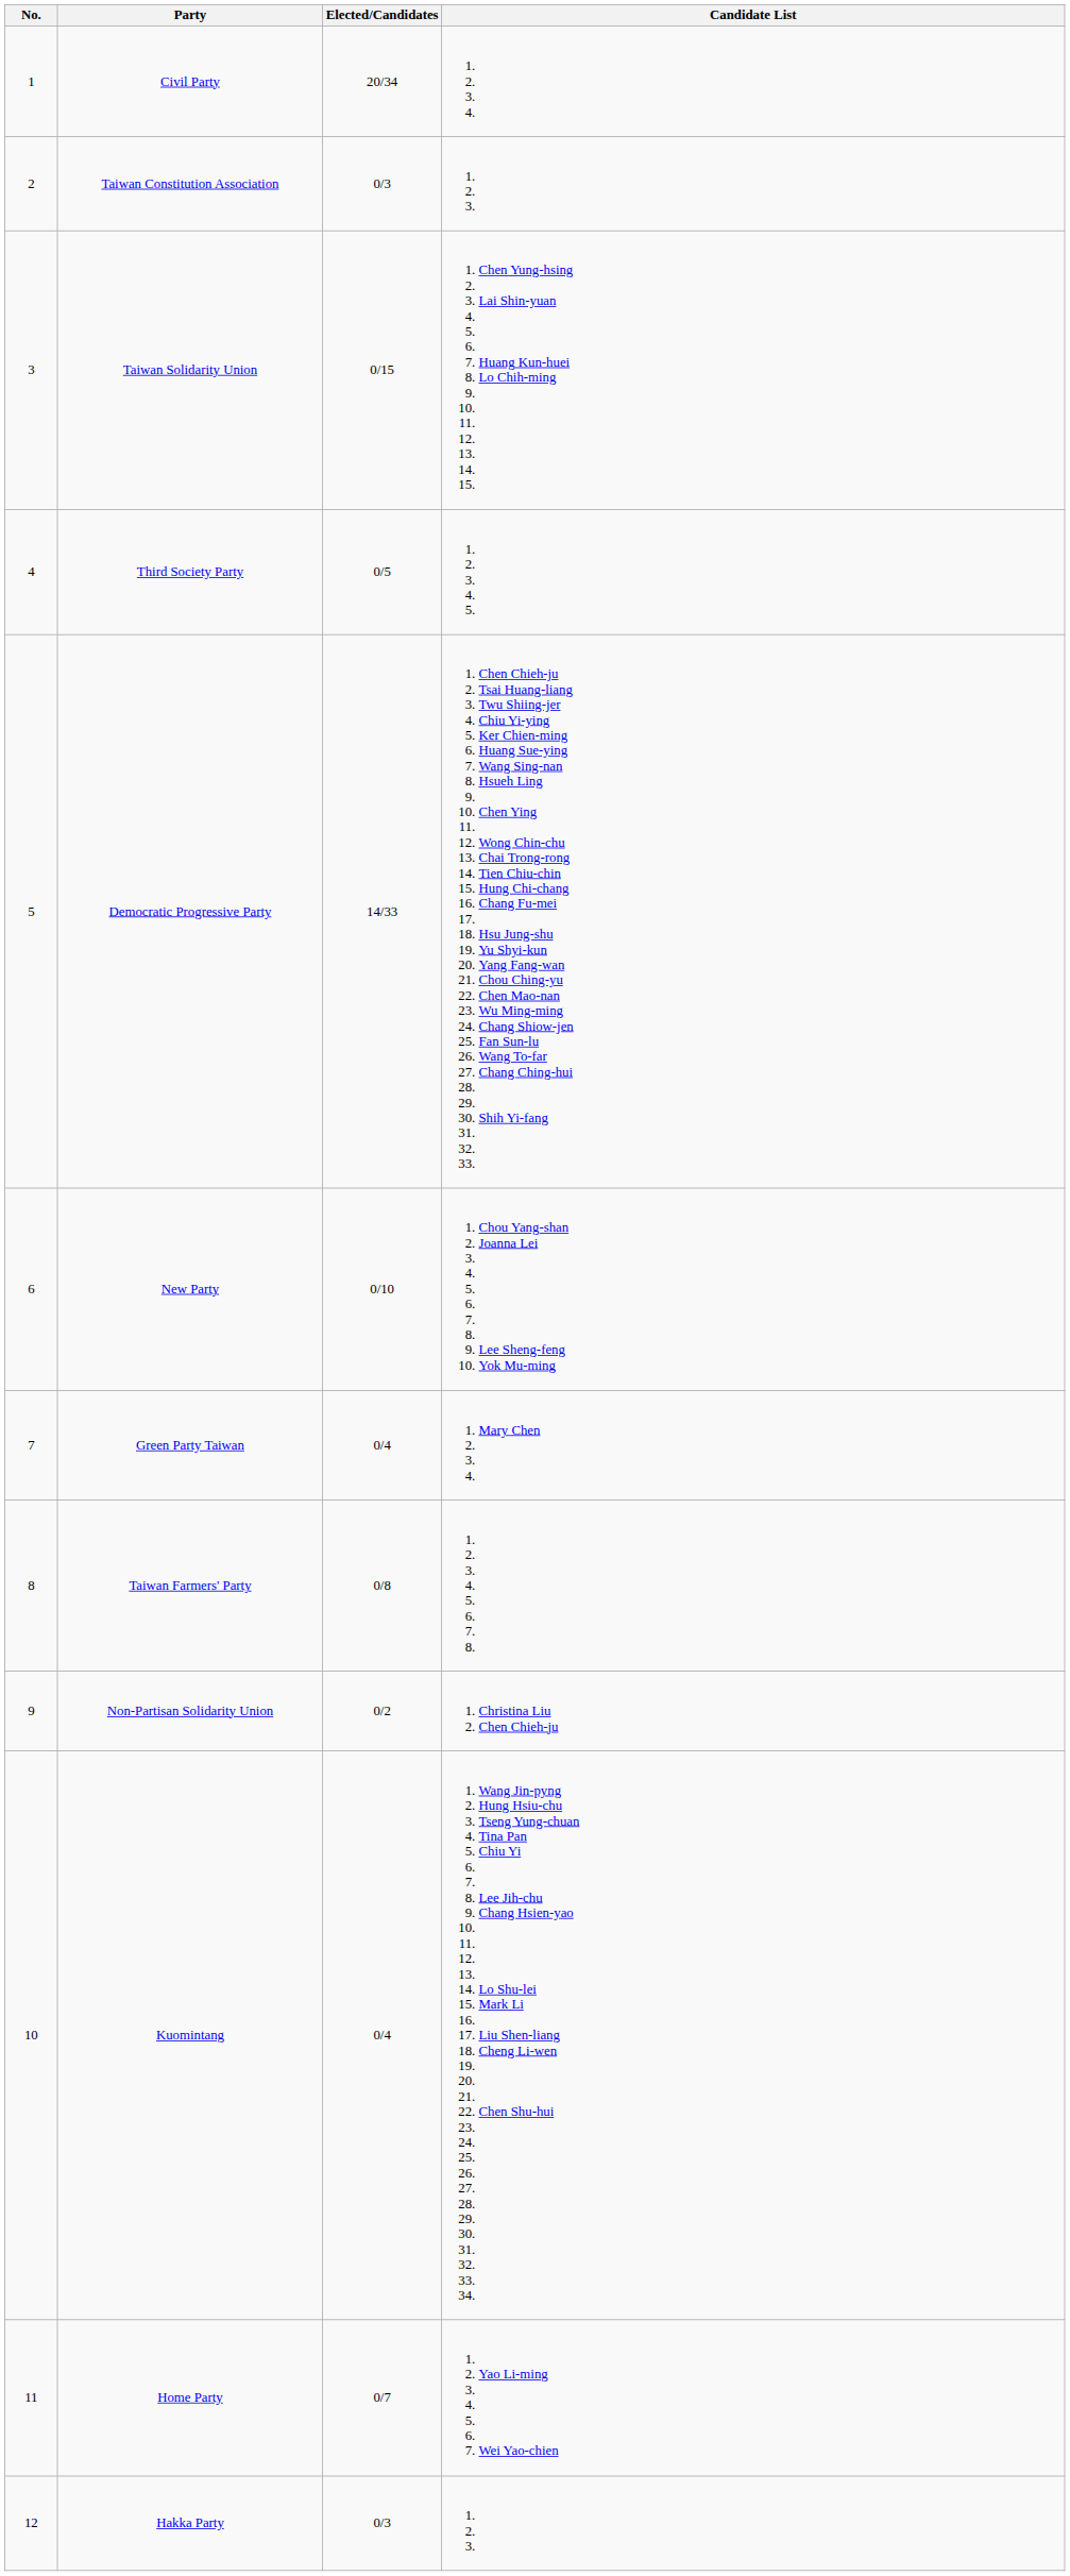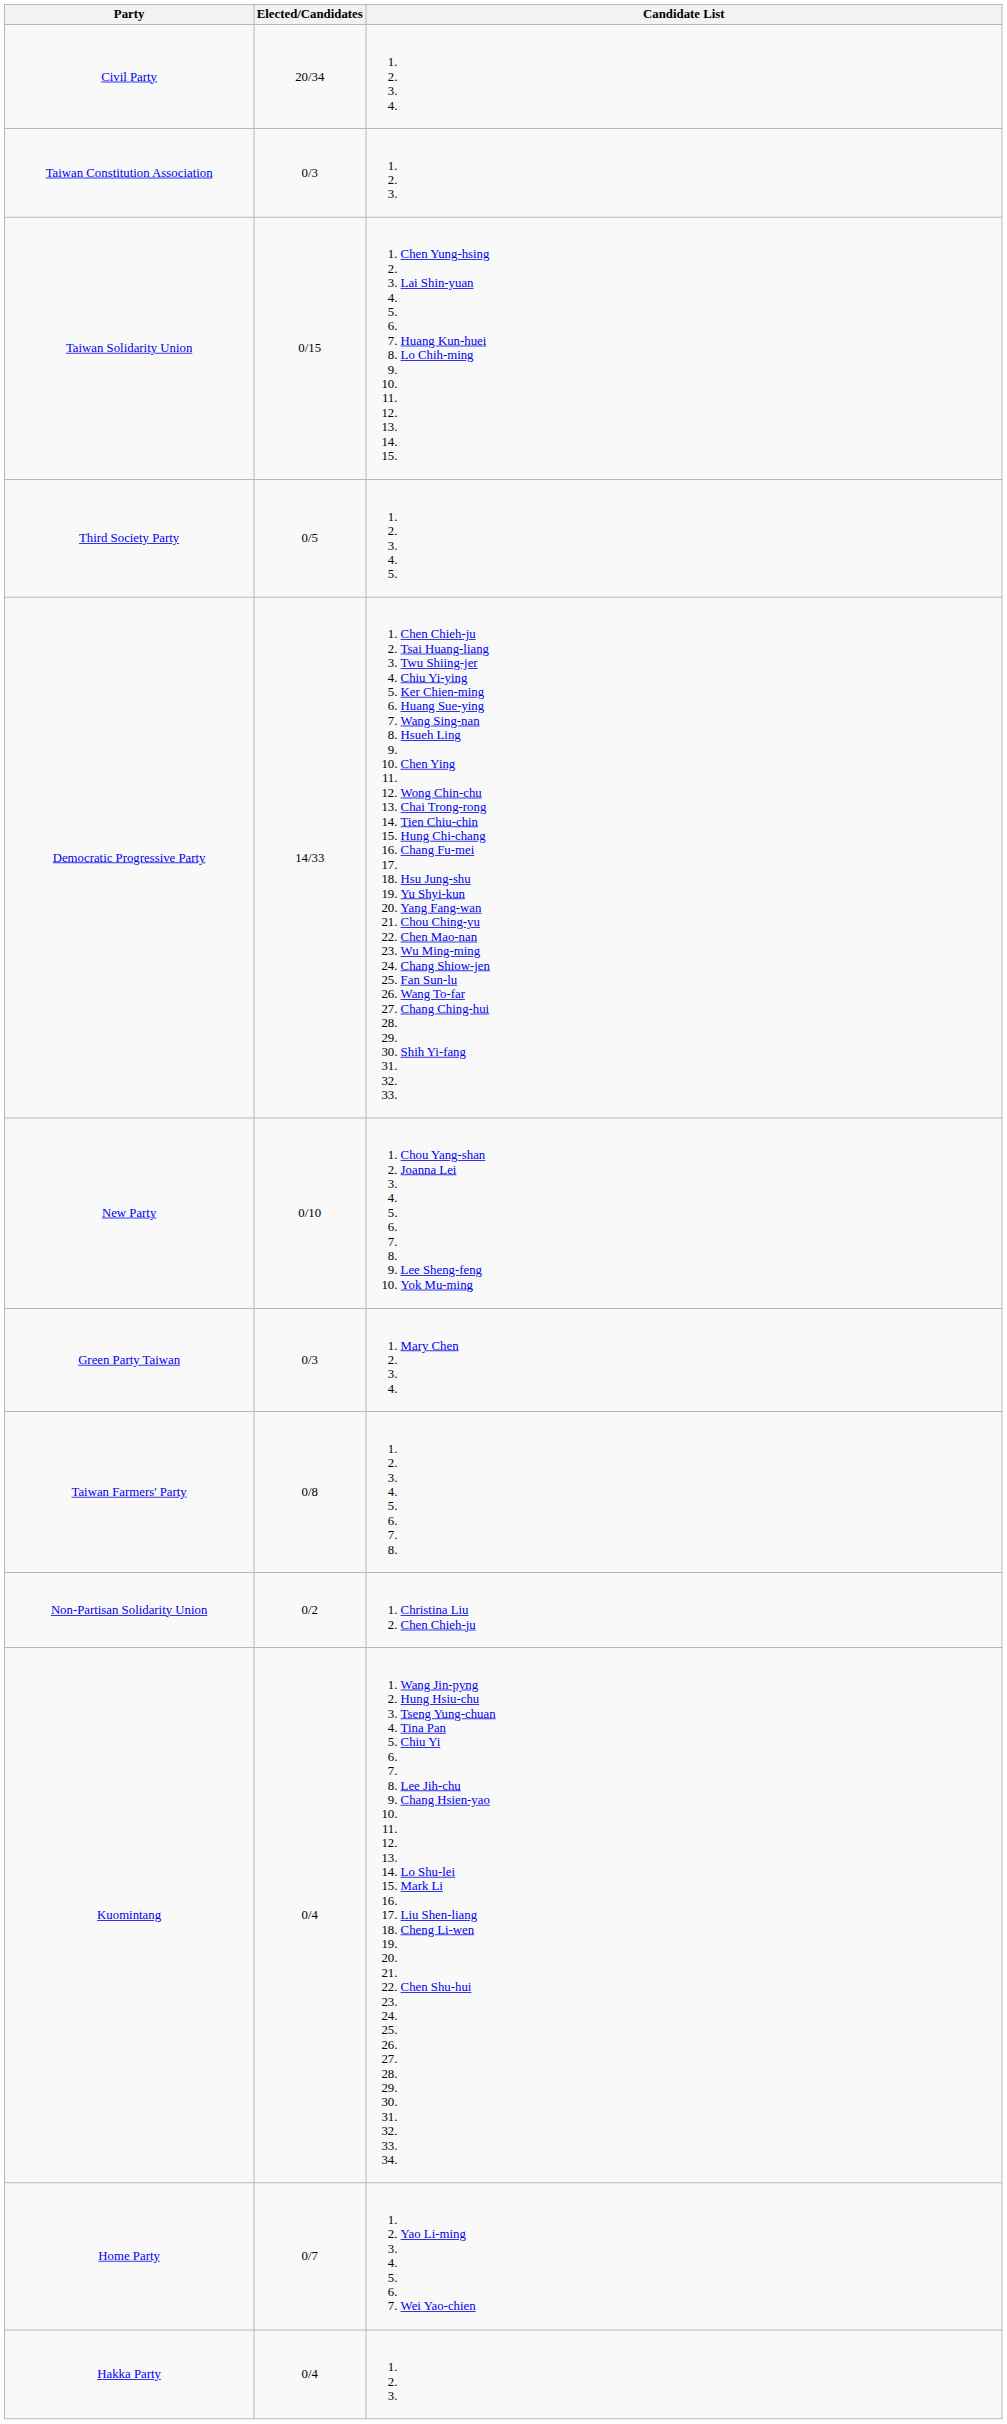 <table class=wikitable style="text-align:center">
 <tr>
-<th style="width:5%">No.</th>
 <th style="width:25%">Party</th>
 <th style="width:10%">Elected/Candidates</th>
 <th>Candidate List<br></th>
 </tr>
 <tr>
-<td>1</td>
 <td><a href='#'>Civil Party</a></td>
 <td>20/34</td>
 <td align=left><br><ol><li></li><li></li><li></li><li></li></ol></td>
 </tr>
 <tr>
-<td>2</td>
 <td><a href='#'>Taiwan Constitution Association</a></td>
 <td>0/3</td>
 <td align=left><br><ol><li></li><li></li><li></li></ol></td>
 </tr>
 <tr>
-<td>3</td>
 <td><a href='#'>Taiwan Solidarity Union</a></td>
 <td>0/15</td>
 <td align=left><br><ol><li><a href='#'>Chen Yung-hsing</a></li><li></li><li><a href='#'>Lai Shin-yuan</a></li><li></li><li></li><li></li><li><a href='#'>Huang Kun-huei</a></li><li><a href='#'>Lo Chih-ming</a></li><li></li><li></li><li></li><li></li><li></li><li></li><li></li></ol></td>
 </tr>
 <tr>
-<td>4</td>
 <td><a href='#'>Third Society Party</a></td>
 <td>0/5</td>
 <td align=left><br><ol><li></li><li></li><li></li><li></li><li></li></ol></td>
 </tr>
 <tr>
-<td>5</td>
 <td><a href='#'>Democratic Progressive Party</a></td>
 <td>14/33</td>
 <td align=left><br><ol><li><a href='#'>Chen Chieh-ju</a></li><li><a href='#'>Tsai Huang-liang</a></li><li><a href='#'>Twu Shiing-jer</a></li><li><a href='#'>Chiu Yi-ying</a></li><li><a href='#'>Ker Chien-ming</a></li><li><a href='#'>Huang Sue-ying</a></li><li><a href='#'>Wang Sing-nan</a></li><li><a href='#'>Hsueh Ling</a></li><li></li><li><a href='#'>Chen Ying</a></li><li></li><li><a href='#'>Wong Chin-chu</a></li><li><a href='#'>Chai Trong-rong</a></li><li><a href='#'>Tien Chiu-chin</a></li><li><a href='#'>Hung Chi-chang</a></li><li><a href='#'>Chang Fu-mei</a></li><li></li><li><a href='#'>Hsu Jung-shu</a></li><li><a href='#'>Yu Shyi-kun</a></li><li><a href='#'>Yang Fang-wan</a></li><li><a href='#'>Chou Ching-yu</a></li><li><a href='#'>Chen Mao-nan</a></li><li><a href='#'>Wu Ming-ming</a></li><li><a href='#'>Chang Shiow-jen</a></li><li><a href='#'>Fan Sun-lu</a></li><li><a href='#'>Wang To-far</a></li><li><a href='#'>Chang Ching-hui</a></li><li></li><li></li><li><a href='#'>Shih Yi-fang</a></li><li></li><li></li><li></li></ol></td>
 </tr>
 <tr>
-<td>6</td>
 <td><a href='#'>New Party</a></td>
 <td>0/10</td>
 <td align=left><br><ol><li><a href='#'>Chou Yang-shan</a></li><li><a href='#'>Joanna Lei</a></li><li></li><li></li><li></li><li></li><li></li><li></li><li><a href='#'>Lee Sheng-feng</a></li><li><a href='#'>Yok Mu-ming</a></li></ol></td>
 </tr>
 <tr>
-<td>7</td>
 <td><a href='#'>Green Party Taiwan</a></td>
-<td>0/4</td>
+<td>0/3</td>
 <td align=left><br><ol><li><a href='#'>Mary Chen</a></li><li></li><li></li><li></li></ol></td>
 </tr>
 <tr>
-<td>8</td>
 <td><a href='#'>Taiwan Farmers' Party</a></td>
 <td>0/8</td>
 <td align=left><br><ol><li></li><li></li><li></li><li></li><li></li><li></li><li></li><li></li></ol></td>
 </tr>
 <tr>
-<td>9</td>
 <td><a href='#'>Non-Partisan Solidarity Union</a></td>
 <td>0/2</td>
 <td align=left><br><ol><li><a href='#'>Christina Liu</a></li><li><a href='#'>Chen Chieh-ju</a></li></ol></td>
 </tr>
 <tr>
-<td>10</td>
 <td><a href='#'>Kuomintang</a></td>
 <td>0/4</td>
 <td align=left><br><ol><li><a href='#'>Wang Jin-pyng</a></li><li><a href='#'>Hung Hsiu-chu</a></li><li><a href='#'>Tseng Yung-chuan</a></li><li><a href='#'>Tina Pan</a></li><li><a href='#'>Chiu Yi</a></li><li> </li><li></li><li><a href='#'>Lee Jih-chu</a></li><li><a href='#'>Chang Hsien-yao</a></li><li></li><li></li><li></li><li></li><li><a href='#'>Lo Shu-lei</a> </li><li><a href='#'>Mark Li</a></li><li></li><li><a href='#'>Liu Shen-liang</a></li><li><a href='#'>Cheng Li-wen</a></li><li></li><li></li><li></li><li><a href='#'>Chen Shu-hui</a></li><li></li><li></li><li></li><li></li><li></li><li></li><li></li><li> </li><li></li><li></li><li></li><li></li></ol></td>
 </tr>
 <tr>
-<td>11</td>
 <td><a href='#'>Home Party</a></td>
 <td>0/7</td>
 <td align=left><br><ol><li></li><li><a href='#'>Yao Li-ming</a></li><li></li><li></li><li></li><li></li><li><a href='#'>Wei Yao-chien</a></li></ol></td>
 </tr>
 <tr>
-<td>12</td>
 <td><a href='#'>Hakka Party</a></td>
-<td>0/3</td>
+<td>0/4</td>
 <td align=left><br><ol><li></li><li></li><li></li></ol></td>
 </tr>
 </table>
